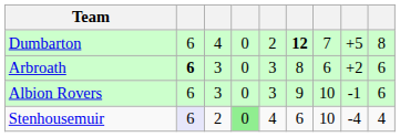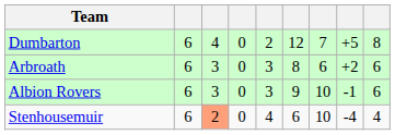 <table class="wikitable" style="text-align:center;">
 <tr>
 <th width=165>Team</th>
 <th width=20></th>
 <th width=20></th>
 <th width=20></th>
 <th width=20></th>
 <th width=20></th>
 <th width=20></th>
 <th width=20></th>
 <th width=20></th>
 </tr>
 <tr style="background:#cfc;">
 <td align="left"><a href='#'>Dumbarton</a></td>
 <td>6</td>
 <td>4</td>
 <td>0</td>
 <td>2</td>
-<td><strong>12</strong></td>
+<td>12</td>
 <td>7</td>
 <td>+5</td>
 <td>8</td>
 </tr>
 <tr style="background:#cfc;">
 <td align="left"><a href='#'>Arbroath</a></td>
-<td><strong>6</strong></td>
+<td>6</td>
 <td>3</td>
 <td>0</td>
 <td>3</td>
 <td>8</td>
 <td>6</td>
 <td>+2</td>
 <td>6</td>
 </tr>
 <tr style="background:#cfc;">
 <td align="left"><a href='#'>Albion Rovers</a></td>
 <td>6</td>
 <td>3</td>
 <td>0</td>
 <td>3</td>
 <td>9</td>
 <td>10</td>
 <td>-1</td>
 <td>6</td>
 </tr>
 <tr>
 <td align="left"><a href='#'>Stenhousemuir</a></td>
-<td style="background: lavender;">6</td>
-<td>2</td>
-<td style="background: lightgreen;">0</td>
+<td>6</td>
+<td style="background: lightsalmon;">2</td>
+<td>0</td>
 <td>4</td>
 <td>6</td>
 <td>10</td>
 <td>-4</td>
 <td>4</td>
 </tr>
 </table>
